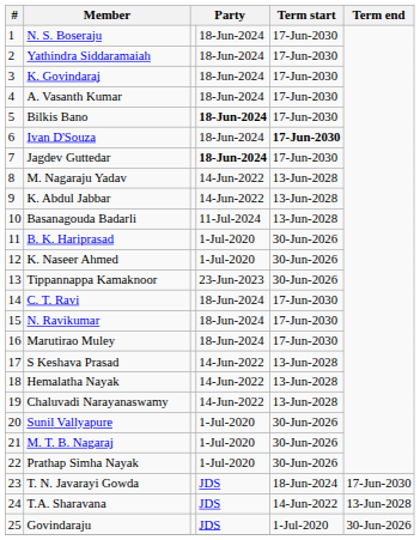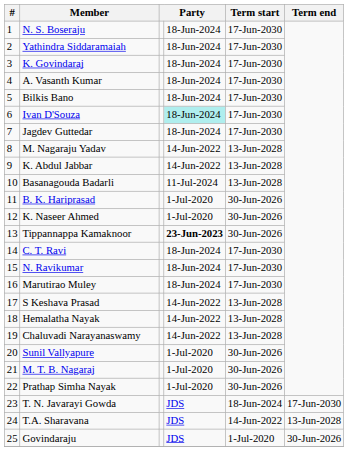 <table class="wikitable sortable">
 <tr>
 <th>#</th>
 <th style="width:200px">Member</th>
 <th colspan="2">Party</th>
 <th>Term start</th>
 <th>Term end</th>
 </tr>
 <tr>
 <td>1</td>
 <td><a href='#'>N. S. Boseraju</a></td>
 <td></td>
 <td>18-Jun-2024</td>
 <td>17-Jun-2030</td>
 </tr>
 <tr>
 <td>2</td>
 <td><a href='#'>Yathindra Siddaramaiah</a></td>
 <td></td>
 <td>18-Jun-2024</td>
 <td>17-Jun-2030</td>
 </tr>
 <tr>
 <td>3</td>
 <td><a href='#'>K. Govindaraj</a></td>
 <td></td>
 <td>18-Jun-2024</td>
 <td>17-Jun-2030</td>
 </tr>
 <tr>
 <td>4</td>
 <td>A. Vasanth Kumar</td>
 <td></td>
 <td>18-Jun-2024</td>
 <td>17-Jun-2030</td>
 </tr>
 <tr>
 <td>5</td>
 <td>Bilkis Bano</td>
 <td></td>
-<td><strong>18-Jun-2024</strong></td>
+<td>18-Jun-2024</td>
 <td>17-Jun-2030</td>
 </tr>
 <tr>
 <td>6</td>
 <td><a href='#'>Ivan D'Souza</a></td>
 <td></td>
-<td>18-Jun-2024</td>
-<td><strong>17-Jun-2030</strong></td>
+<td style="background: paleturquoise;">18-Jun-2024</td>
+<td>17-Jun-2030</td>
 </tr>
 <tr>
 <td>7</td>
 <td>Jagdev Guttedar</td>
 <td></td>
-<td><strong>18-Jun-2024</strong></td>
+<td>18-Jun-2024</td>
 <td>17-Jun-2030</td>
 </tr>
 <tr>
 <td>8</td>
 <td>M. Nagaraju Yadav</td>
 <td></td>
 <td>14-Jun-2022</td>
 <td>13-Jun-2028</td>
 </tr>
 <tr>
 <td>9</td>
 <td>K. Abdul Jabbar</td>
 <td></td>
 <td>14-Jun-2022</td>
 <td>13-Jun-2028</td>
 </tr>
 <tr>
 <td>10</td>
 <td>Basanagouda Badarli</td>
 <td></td>
 <td>11-Jul-2024</td>
 <td>13-Jun-2028</td>
 </tr>
 <tr>
 <td>11</td>
 <td><a href='#'>B. K. Hariprasad</a></td>
 <td></td>
 <td>1-Jul-2020</td>
 <td>30-Jun-2026</td>
 </tr>
 <tr>
 <td>12</td>
 <td>K. Naseer Ahmed</td>
 <td></td>
 <td>1-Jul-2020</td>
 <td>30-Jun-2026</td>
 </tr>
 <tr>
 <td>13</td>
 <td>Tippannappa Kamaknoor</td>
 <td></td>
-<td>23-Jun-2023</td>
+<td><strong>23-Jun-2023</strong></td>
 <td>30-Jun-2026</td>
 </tr>
 <tr>
 <td>14</td>
 <td><a href='#'>C. T. Ravi</a></td>
 <td></td>
 <td>18-Jun-2024</td>
 <td>17-Jun-2030</td>
 </tr>
 <tr>
 <td>15</td>
 <td><a href='#'>N. Ravikumar</a></td>
 <td></td>
 <td>18-Jun-2024</td>
 <td>17-Jun-2030</td>
 </tr>
 <tr>
 <td>16</td>
 <td>Marutirao Muley</td>
 <td></td>
 <td>18-Jun-2024</td>
 <td>17-Jun-2030</td>
 </tr>
 <tr>
 <td>17</td>
 <td>S Keshava Prasad</td>
 <td></td>
 <td>14-Jun-2022</td>
 <td>13-Jun-2028</td>
 </tr>
 <tr>
 <td>18</td>
 <td>Hemalatha Nayak</td>
 <td></td>
 <td>14-Jun-2022</td>
 <td>13-Jun-2028</td>
 </tr>
 <tr>
 <td>19</td>
 <td>Chaluvadi Narayanaswamy</td>
 <td></td>
 <td>14-Jun-2022</td>
 <td>13-Jun-2028</td>
 </tr>
 <tr>
 <td>20</td>
 <td><a href='#'>Sunil Vallyapure</a></td>
 <td></td>
 <td>1-Jul-2020</td>
 <td>30-Jun-2026</td>
 </tr>
 <tr>
 <td>21</td>
 <td><a href='#'>M. T. B. Nagaraj</a></td>
 <td></td>
 <td>1-Jul-2020</td>
 <td>30-Jun-2026</td>
 </tr>
 <tr>
 <td>22</td>
 <td>Prathap Simha Nayak</td>
 <td></td>
 <td>1-Jul-2020</td>
 <td>30-Jun-2026</td>
 </tr>
 <tr>
 <td>23</td>
 <td>T. N. Javarayi Gowda</td>
 <td></td>
 <td><a href='#'>JDS</a></td>
 <td>18-Jun-2024</td>
 <td>17-Jun-2030</td>
 </tr>
 <tr>
 <td>24</td>
 <td>T.A. Sharavana</td>
 <td></td>
 <td><a href='#'>JDS</a></td>
 <td>14-Jun-2022</td>
 <td>13-Jun-2028</td>
 </tr>
 <tr>
 <td>25</td>
 <td>Govindaraju</td>
 <td></td>
 <td><a href='#'>JDS</a></td>
 <td>1-Jul-2020</td>
 <td>30-Jun-2026</td>
 </tr>
 <tr>
 </tr>
 </table>
